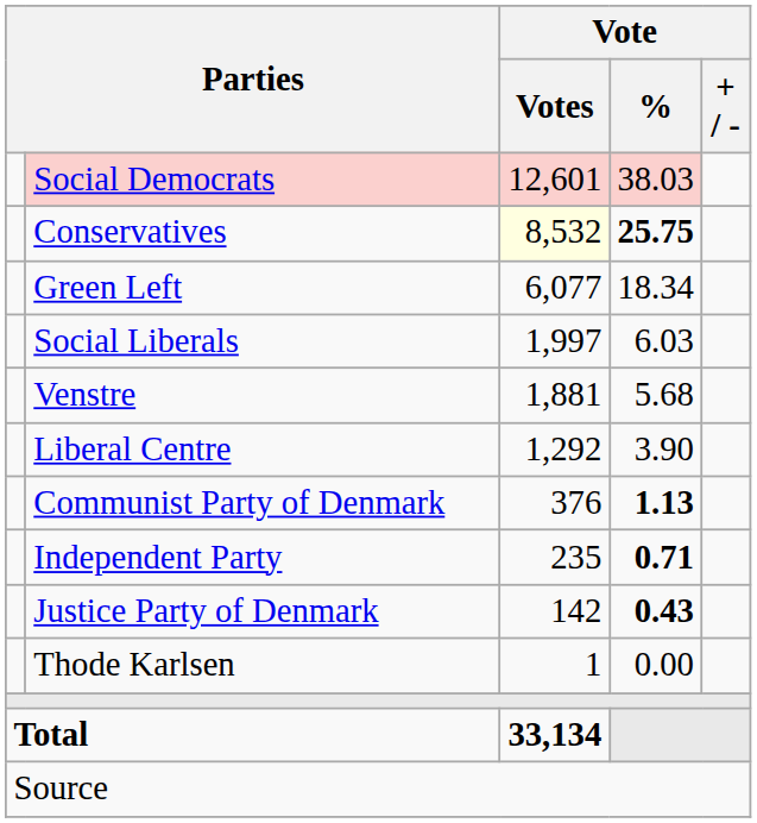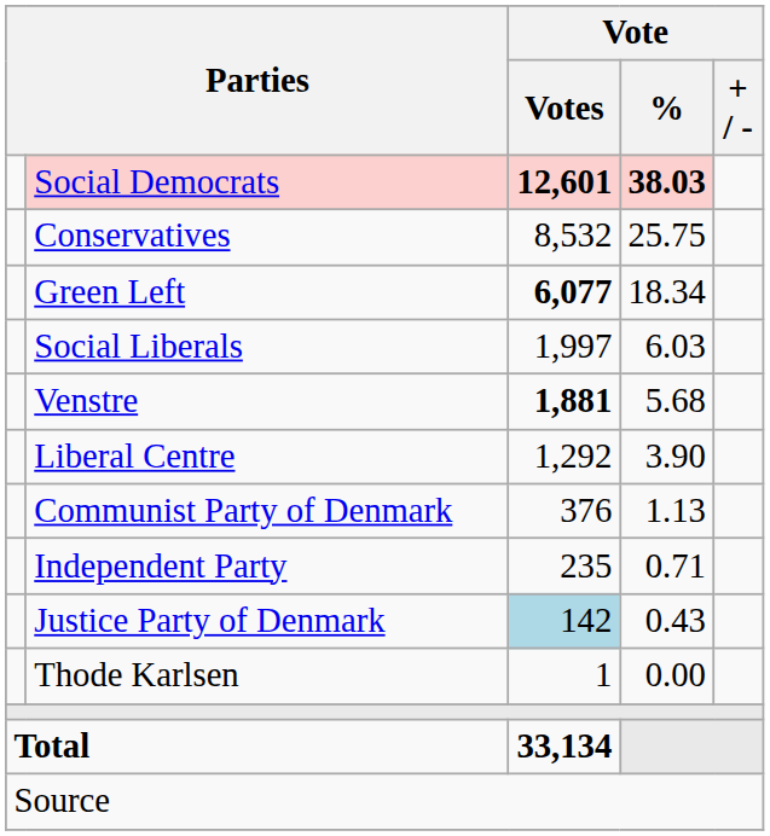 <table class="wikitable" style="text-align:right;">
 <tr>
 <th style="text-align:centre;" rowspan="2" colspan="2" width="225">Parties</th>
 <th colspan="3">Vote</th>
 </tr>
 <tr>
 <th width="15">Votes</th>
 <th width="15">%</th>
 <th width="15">+ / -</th>
 </tr>
 <tr>
 <td width="2" style="color:inherit;background:"></td>
 <td bgcolor=#fbd0ce  align="left"><a href='#'>Social Democrats</a></td>
-<td bgcolor=#fbd0ce>12,601</td>
-<td bgcolor=#fbd0ce>38.03</td>
+<td bgcolor=#fbd0ce><strong>12,601</strong></td>
+<td bgcolor=#fbd0ce><strong>38.03</strong></td>
 <td></td>
 </tr>
 <tr>
 <td width="2" style="color:inherit;background:"></td>
 <td align="left"><a href='#'>Conservatives</a></td>
-<td style="background: lightyellow;">8,532</td>
-<td><strong>25.75</strong></td>
+<td>8,532</td>
+<td>25.75</td>
 <td></td>
 </tr>
 <tr>
 <td width="2" style="color:inherit;background:"></td>
 <td align="left"><a href='#'>Green Left</a></td>
-<td>6,077</td>
+<td><strong>6,077</strong></td>
 <td>18.34</td>
 <td></td>
 </tr>
 <tr>
 <td width="2" style="color:inherit;background:"></td>
 <td align="left"><a href='#'>Social Liberals</a></td>
 <td>1,997</td>
 <td>6.03</td>
 <td></td>
 </tr>
 <tr>
 <td width="2" style="color:inherit;background:"></td>
 <td align="left"><a href='#'>Venstre</a></td>
-<td>1,881</td>
+<td><strong>1,881</strong></td>
 <td>5.68</td>
 <td></td>
 </tr>
 <tr>
 <td width="2" style="color:inherit;background:"></td>
 <td align="left"><a href='#'>Liberal Centre</a></td>
 <td>1,292</td>
 <td>3.90</td>
 <td></td>
 </tr>
 <tr>
 <td width="2" style="color:inherit;background:"></td>
 <td align="left"><a href='#'>Communist Party of Denmark</a></td>
 <td>376</td>
-<td><strong>1.13</strong></td>
+<td>1.13</td>
 <td></td>
 </tr>
 <tr>
 <td width="2" style="color:inherit;background:"></td>
 <td align="left"><a href='#'>Independent Party</a></td>
 <td>235</td>
-<td><strong>0.71</strong></td>
+<td>0.71</td>
 <td></td>
 </tr>
 <tr>
 <td width="2" style="color:inherit;background:"></td>
 <td align="left"><a href='#'>Justice Party of Denmark</a></td>
-<td>142</td>
-<td><strong>0.43</strong></td>
+<td style="background: lightblue;">142</td>
+<td>0.43</td>
 <td></td>
 </tr>
 <tr>
 <td width="2" style="color:inherit;background:"></td>
 <td align="left">Thode Karlsen</td>
 <td>1</td>
 <td>0.00</td>
 <td></td>
 </tr>
 <tr>
 <td colspan="7" bgcolor="#E9E9E9"></td>
 </tr>
 <tr>
 <td align="left" colspan="2"><strong>Total</strong></td>
 <td><strong>33,134</strong></td>
 <td bgcolor="#E9E9E9" colspan="2"></td>
 </tr>
 <tr>
 <td align="left" colspan="6">Source</td>
 </tr>
 </table>
